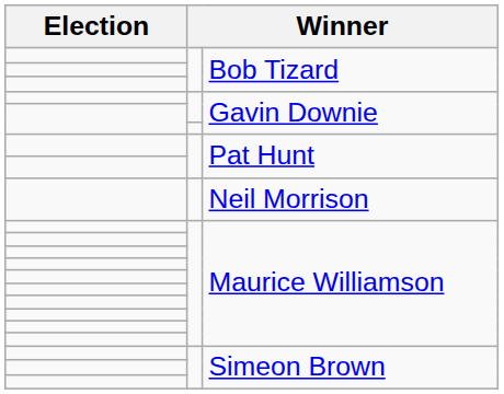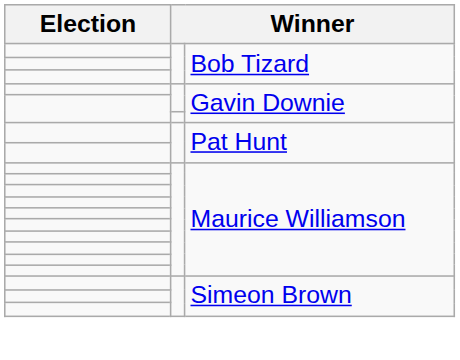 <table class=wikitable>
 <tr>
 <th width=100>Election</th>
 <th style="width:175px;" colspan="2">Winner</th>
 </tr>
 <tr>
 <td></td>
 <td rowspan=3 bgcolor=></td>
 <td rowspan=3><a href='#'>Bob Tizard</a></td>
 </tr>
 <tr>
 <td></td>
 </tr>
 <tr>
 <td></td>
 </tr>
 <tr>
 <td></td>
 <td style="border-bottom:solid 0 grey; background:"></td>
 <td rowspan=3><a href='#'>Gavin Downie</a></td>
 </tr>
 <tr>
 <td rowspan=2></td>
 <td style="border-top:solid 0 grey; background:"></td>
 </tr>
 <tr>
 <td bgcolor=></td>
 </tr>
 <tr>
 <td></td>
 <td rowspan=2 bgcolor=></td>
 <td rowspan=2><a href='#'>Pat Hunt</a></td>
 </tr>
 <tr>
 <td></td>
-</tr>
-<tr>
-<td></td>
-<td bgcolor=></td>
-<td><a href='#'>Neil Morrison</a></td>
 </tr>
 <tr>
 <td></td>
 <td rowspan=10 bgcolor=></td>
 <td rowspan=10><a href='#'>Maurice Williamson</a></td>
 </tr>
 <tr>
 <td></td>
 </tr>
 <tr>
 <td></td>
 </tr>
 <tr>
 <td></td>
 </tr>
 <tr>
 <td></td>
 </tr>
 <tr>
 <td></td>
 </tr>
 <tr>
 <td></td>
 </tr>
 <tr>
 <td></td>
 </tr>
 <tr>
 <td></td>
 </tr>
 <tr>
 <td></td>
 </tr>
 <tr>
 <td></td>
 <td rowspan=3 bgcolor=></td>
 <td rowspan=3><a href='#'>Simeon Brown</a></td>
 </tr>
 <tr>
 <td></td>
 </tr>
 <tr>
 <td></td>
 </tr>
 </table>
